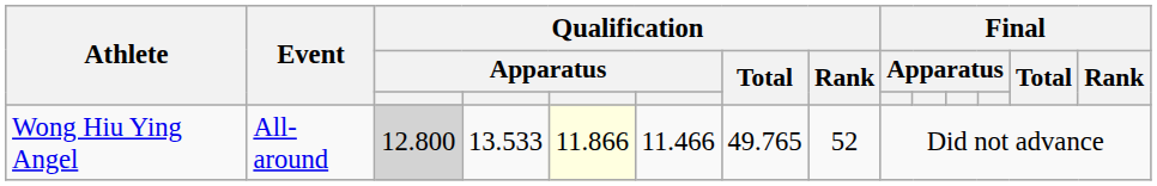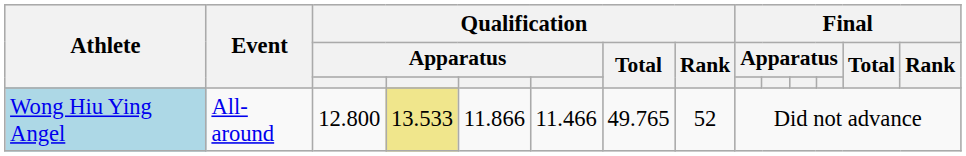 <table class="wikitable" style="font-size:90%">
 <tr>
 <th rowspan=3>Athlete</th>
 <th rowspan=3>Event</th>
 <th colspan =6>Qualification</th>
 <th colspan =6>Final</th>
 </tr>
 <tr style="font-size:95%">
 <th colspan=4>Apparatus</th>
 <th rowspan=2>Total</th>
 <th rowspan=2>Rank</th>
 <th colspan=4>Apparatus</th>
 <th rowspan=2>Total</th>
 <th rowspan=2>Rank</th>
 </tr>
 <tr style="font-size:95%">
 <th></th>
 <th></th>
 <th></th>
 <th></th>
 <th></th>
 <th></th>
 <th></th>
 <th></th>
 </tr>
 <tr align=center>
-<td align=left><a href='#'>Wong Hiu Ying Angel</a></td>
+<td align=left style="background: lightblue;"><a href='#'>Wong Hiu Ying Angel</a></td>
 <td align=left><a href='#'>All-around</a></td>
-<td style="background: lightgrey;">12.800</td>
-<td>13.533</td>
-<td style="background: lightyellow;">11.866</td>
+<td>12.800</td>
+<td style="background: khaki;">13.533</td>
+<td>11.866</td>
 <td>11.466</td>
 <td>49.765</td>
 <td>52</td>
 <td colspan=6>Did not advance</td>
 </tr>
 </table>
